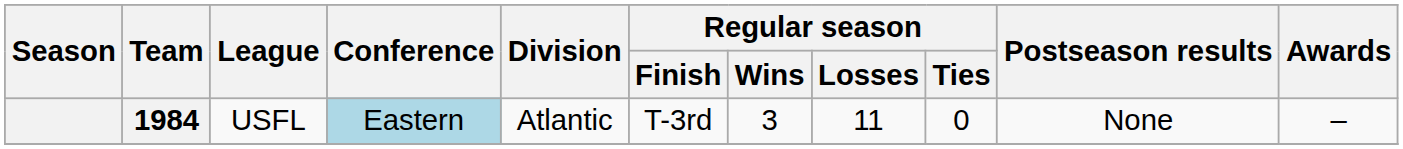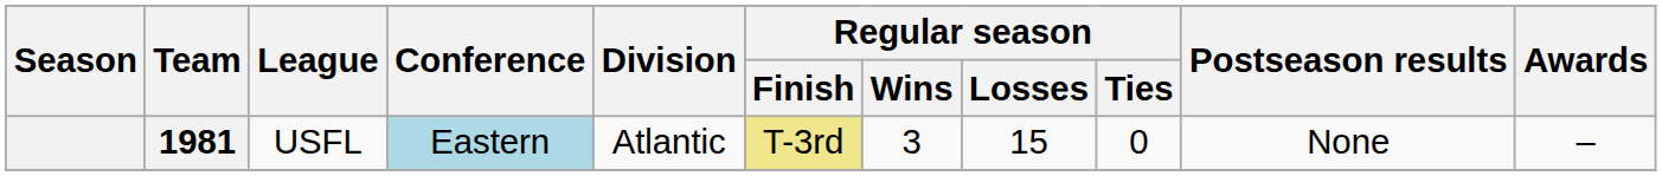 <table class="wikitable" style="text-align:center;">
 <tr>
 <th rowspan="2">Season</th>
 <th rowspan="2">Team</th>
 <th rowspan="2">League</th>
 <th rowspan="2">Conference</th>
 <th rowspan="2">Division</th>
 <th colspan="4">Regular season</th>
 <th rowspan="2">Postseason results</th>
 <th rowspan="2">Awards</th>
 </tr>
 <tr>
 <th>Finish</th>
 <th>Wins</th>
 <th>Losses</th>
 <th>Ties</th>
 </tr>
 <tr>
 <th></th>
-<th>1984</th>
+<th>1981</th>
 <td>USFL</td>
 <td style="background: lightblue;">Eastern</td>
 <td>Atlantic</td>
-<td>T-3rd</td>
+<td style="background: khaki;">T-3rd</td>
 <td>3</td>
-<td>11</td>
+<td>15</td>
 <td>0</td>
 <td>None</td>
 <td>–</td>
 </tr>
 <tr>
 </tr>
 </table>
